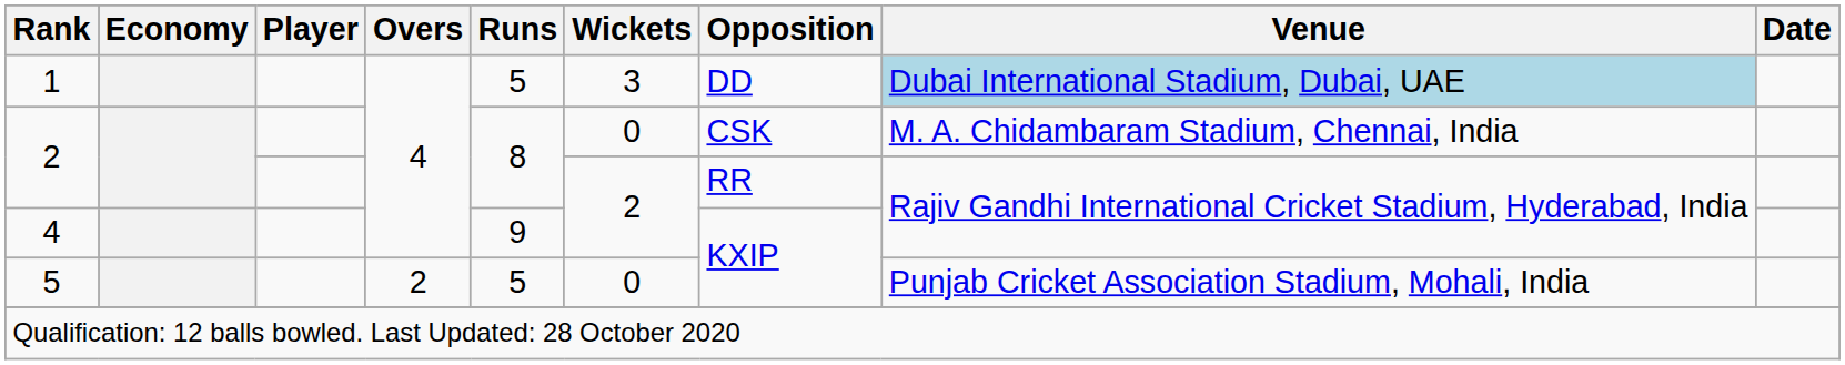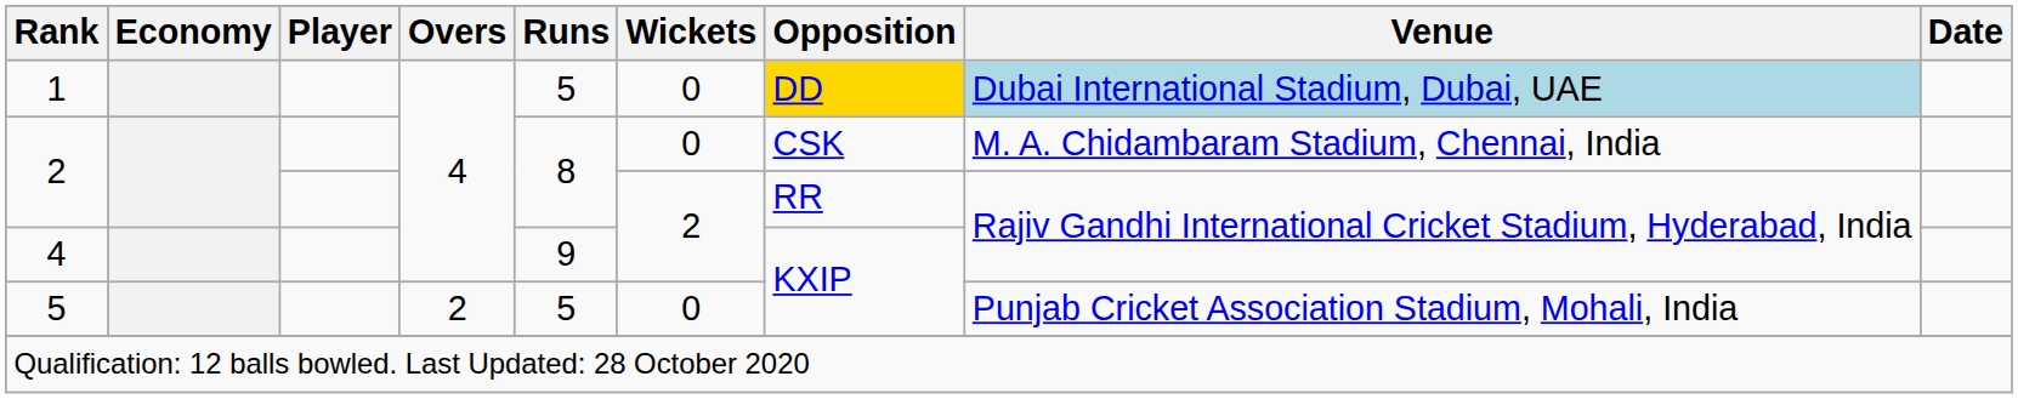 <table class="wikitable">
 <tr>
 <th style="text-align:center;">Rank</th>
 <th style="text-align:center;">Economy</th>
 <th style="text-align:center;">Player</th>
 <th style="text-align:center;">Overs</th>
 <th style="text-align:center;">Runs</th>
 <th style="text-align:center;">Wickets</th>
 <th style="text-align:center;">Opposition</th>
 <th style="text-align:center;">Venue</th>
 <th style="text-align:center;">Date</th>
 </tr>
 <tr>
 <td align=center>1</td>
 <th scope=row style=text-align:center;></th>
 <td></td>
 <td align=center rowspan=4>4</td>
 <td align=center>5</td>
-<td align=center>3</td>
-<td><a href='#'>DD</a></td>
+<td align=center>0</td>
+<td style="background: gold;"><a href='#'>DD</a></td>
 <td style="background: lightblue;"><a href='#'>Dubai International Stadium</a>, <a href='#'>Dubai</a>, UAE</td>
 <td></td>
 </tr>
 <tr>
 <td align=center rowspan=2>2</td>
 <th scope=row style=text-align:center; rowspan=2></th>
 <td></td>
 <td align=center rowspan=2>8</td>
 <td align=center>0</td>
 <td><a href='#'>CSK</a></td>
 <td><a href='#'>M. A. Chidambaram Stadium</a>, <a href='#'>Chennai</a>, India</td>
 <td></td>
 </tr>
 <tr>
 <td></td>
 <td align=center rowspan=2>2</td>
 <td><a href='#'>RR</a></td>
 <td rowspan=2><a href='#'>Rajiv Gandhi International Cricket Stadium</a>, <a href='#'>Hyderabad</a>, India</td>
 <td></td>
 </tr>
 <tr>
 <td align=center>4</td>
 <th scope=row style=text-align:center;></th>
 <td></td>
 <td align=center>9</td>
 <td rowspan=2><a href='#'>KXIP</a></td>
 <td></td>
 </tr>
 <tr>
 <td align=center>5</td>
 <th scope=row style=text-align:center;></th>
 <td></td>
 <td align=center>2</td>
 <td align=center>5</td>
 <td align=center>0</td>
 <td><a href='#'>Punjab Cricket Association Stadium</a>, <a href='#'>Mohali</a>, India</td>
 <td></td>
 </tr>
 <tr>
 </tr>
 <tr class=sortbottom>
 <td colspan=9><small>Qualification: 12 balls bowled. Last Updated: 28 October 2020</small></td>
 </tr>
 </table>
